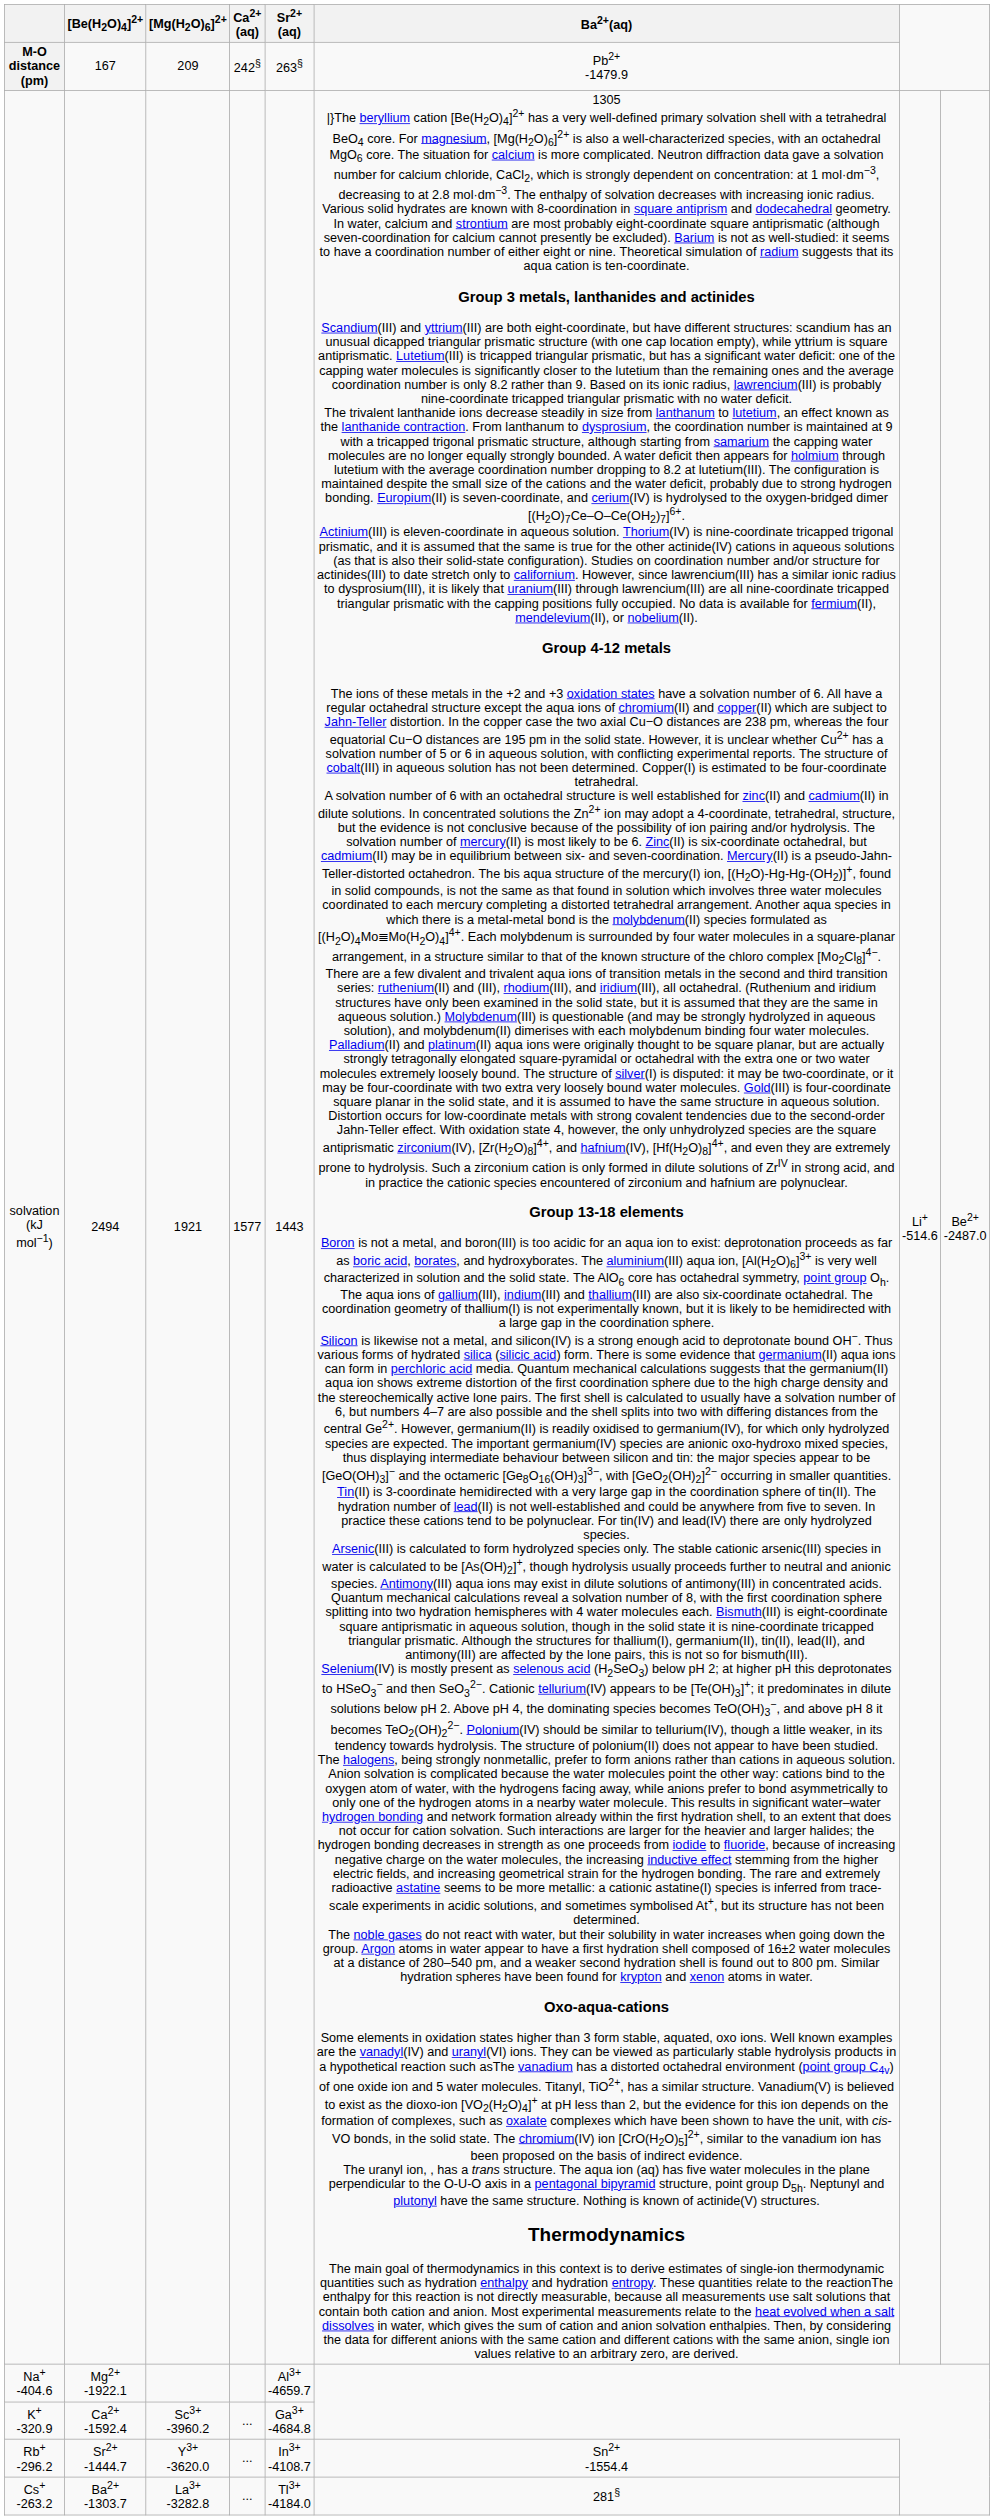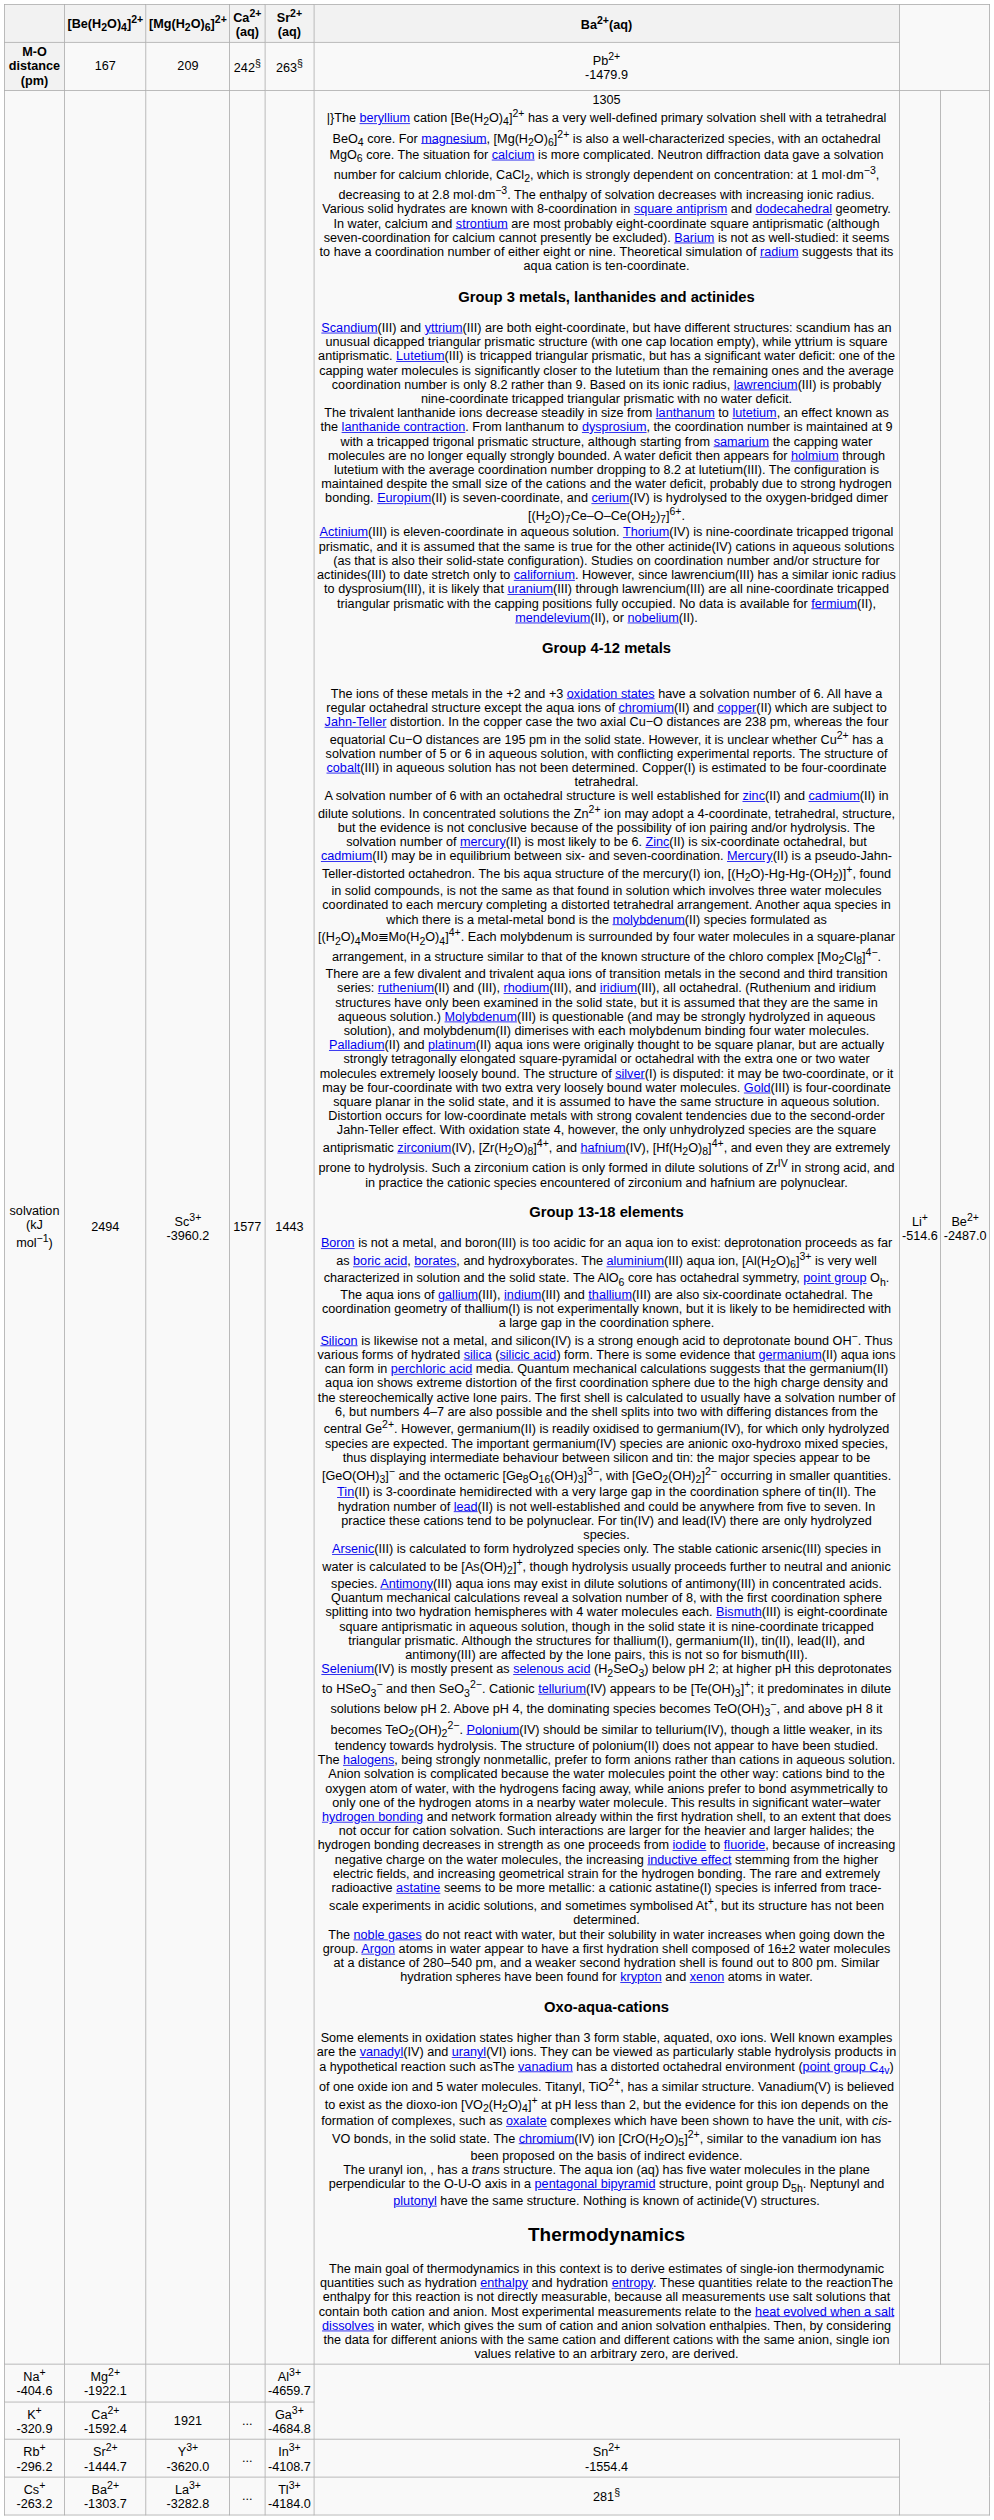 <table class=wikitable style=text-align:center>
 <tr>
 <th></th>
 <th>[Be(H<sub>2</sub>O)<sub>4</sub>]<sup>2+</sup></th>
 <th>[Mg(H<sub>2</sub>O)<sub>6</sub>]<sup>2+</sup></th>
 <th>Ca<sup>2+</sup>(aq)</th>
 <th>Sr<sup>2+</sup>(aq)</th>
 <th>Ba<sup>2+</sup>(aq)</th>
 </tr>
 <tr>
 <th>M-O distance (pm)</th>
 <td>167</td>
 <td>209</td>
 <td>242<sup>§</sup></td>
 <td>263<sup>§</sup></td>
 <td>Pb<sup>2+</sup><br>-1479.9</td>
 </tr>
 <tr>
 <td> solvation (kJ mol<sup>−1</sup>)</td>
 <td>2494</td>
-<td>1921</td>
+<td>Sc<sup>3+</sup><br>-3960.2</td>
 <td>1577</td>
 <td>1443</td>
 <td>1305<br>|}The <a href='#'>beryllium</a> cation [Be(H<sub>2</sub>O)<sub>4</sub>]<sup>2+</sup> has a very well-defined primary solvation shell with a tetrahedral BeO<sub>4</sub> core. For <a href='#'>magnesium</a>, [Mg(H<sub>2</sub>O)<sub>6</sub>]<sup>2+</sup> is also a well-characterized species, with an octahedral MgO<sub>6</sub> core. The situation for <a href='#'>calcium</a> is more complicated. Neutron diffraction data gave a solvation number for calcium chloride, CaCl<sub>2</sub>, which is strongly dependent on concentration:  at 1 mol·dm<sup>−3</sup>, decreasing to  at 2.8 mol·dm<sup>−3</sup>. The enthalpy of solvation decreases  with increasing ionic radius. Various solid hydrates are known with 8-coordination in <a href='#'>square antiprism</a> and <a href='#'>dodecahedral</a> geometry. In water, calcium and <a href='#'>strontium</a> are most probably eight-coordinate square antiprismatic (although seven-coordination for calcium cannot presently be excluded). <a href='#'>Barium</a> is not as well-studied: it seems to have a coordination number of either eight or nine. Theoretical simulation of <a href='#'>radium</a> suggests that its aqua cation is ten-coordinate.<h3>Group 3 metals, lanthanides and actinides</h3> <a href='#'>Scandium</a>(III) and <a href='#'>yttrium</a>(III) are both eight-coordinate, but have different structures: scandium has an unusual dicapped triangular prismatic structure (with one cap location empty), while yttrium is square antiprismatic. <a href='#'>Lutetium</a>(III) is tricapped triangular prismatic, but has a significant water deficit: one of the capping water molecules is significantly closer to the lutetium than the remaining ones and the average coordination number is only 8.2 rather than 9. Based on its ionic radius, <a href='#'>lawrencium</a>(III) is probably nine-coordinate tricapped triangular prismatic with no water deficit.<br>The trivalent lanthanide ions decrease steadily in size from <a href='#'>lanthanum</a> to <a href='#'>lutetium</a>, an effect known as the <a href='#'>lanthanide contraction</a>. From lanthanum to <a href='#'>dysprosium</a>, the coordination number is maintained at 9 with a tricapped trigonal prismatic structure, although starting from <a href='#'>samarium</a> the capping water molecules are no longer equally strongly bounded. A water deficit then appears for <a href='#'>holmium</a> through lutetium with the average coordination number dropping to 8.2 at lutetium(III). The configuration is maintained despite the small size of the cations and the water deficit, probably due to strong hydrogen bonding. <a href='#'>Europium</a>(II) is seven-coordinate, and <a href='#'>cerium</a>(IV) is hydrolysed to the oxygen-bridged dimer [(H<sub>2</sub>O)<sub>7</sub>Ce–O–Ce(OH<sub>2</sub>)<sub>7</sub>]<sup>6+</sup>.<br><a href='#'>Actinium</a>(III) is eleven-coordinate in aqueous solution. <a href='#'>Thorium</a>(IV) is nine-coordinate tricapped trigonal prismatic, and it is assumed that the same is true for the other actinide(IV) cations in aqueous solutions (as that is also their solid-state configuration). Studies on coordination number and/or structure for actinides(III) to date stretch only to <a href='#'>californium</a>. However, since lawrencium(III) has a similar ionic radius to dysprosium(III), it is likely that <a href='#'>uranium</a>(III) through lawrencium(III) are all nine-coordinate tricapped triangular prismatic with the capping positions fully occupied. No data is available for <a href='#'>fermium</a>(II), <a href='#'>mendelevium</a>(II), or <a href='#'>nobelium</a>(II).<h3>Group 4-12 metals</h3>  <br>The ions of these metals in the +2 and +3 <a href='#'>oxidation states</a> have a solvation number of 6. All have a regular octahedral structure except the aqua ions of <a href='#'>chromium</a>(II) and <a href='#'>copper</a>(II) which are subject to <a href='#'>Jahn-Teller</a> distortion. In the copper case the two axial Cu−O distances are 238 pm, whereas the four equatorial Cu−O distances are 195 pm in the solid state. However, it is unclear whether Cu<sup>2+</sup> has a solvation number of 5 or 6 in aqueous solution, with conflicting experimental reports. The structure of <a href='#'>cobalt</a>(III) in aqueous solution has not been determined. Copper(I) is estimated to be four-coordinate tetrahedral.<br>A solvation number of 6 with an octahedral structure is well established for <a href='#'>zinc</a>(II) and <a href='#'>cadmium</a>(II) in dilute solutions. In concentrated solutions the Zn<sup>2+</sup> ion may adopt a 4-coordinate, tetrahedral, structure, but the evidence is not conclusive because of the possibility of ion pairing and/or hydrolysis. The solvation number of <a href='#'>mercury</a>(II) is most likely to be 6. <a href='#'>Zinc</a>(II) is six-coordinate octahedral, but <a href='#'>cadmium</a>(II) may be in equilibrium between six- and seven-coordination. <a href='#'>Mercury</a>(II) is a pseudo-Jahn-Teller-distorted octahedron. The bis aqua structure of the mercury(I) ion, [(H<sub>2</sub>O)-Hg-Hg-(OH<sub>2</sub>)]<sup>+</sup>, found in solid compounds, is not the same as that found in solution which involves three water molecules coordinated to each mercury completing a distorted tetrahedral arrangement. Another aqua species in which there is a metal-metal bond is the <a href='#'>molybdenum</a>(II) species formulated as [(H<sub>2</sub>O)<sub>4</sub>Mo≣Mo(H<sub>2</sub>O)<sub>4</sub>]<sup>4+</sup>. Each molybdenum is surrounded by four water molecules in a square-planar arrangement, in a structure similar to that of the known structure of the chloro complex [Mo<sub>2</sub>Cl<sub>8</sub>]<sup>4−</sup>.<br>There are a few divalent and trivalent aqua ions of transition metals in the second and third transition series: <a href='#'>ruthenium</a>(II) and (III), <a href='#'>rhodium</a>(III), and <a href='#'>iridium</a>(III), all octahedral. (Ruthenium and iridium structures have only been examined in the solid state, but it is assumed that they are the same in aqueous solution.) <a href='#'>Molybdenum</a>(III) is questionable (and may be strongly hydrolyzed in aqueous solution), and molybdenum(II) dimerises with each molybdenum binding four water molecules. <a href='#'>Palladium</a>(II) and <a href='#'>platinum</a>(II) aqua ions were originally thought to be square planar, but are actually strongly tetragonally elongated square-pyramidal or octahedral with the extra one or two water molecules extremely loosely bound. The structure of <a href='#'>silver</a>(I) is disputed: it may be two-coordinate, or it may be four-coordinate with two extra very loosely bound water molecules. <a href='#'>Gold</a>(III) is four-coordinate square planar in the solid state, and it is assumed to have the same structure in aqueous solution. Distortion occurs for low-coordinate metals with strong covalent tendencies due to the second-order Jahn-Teller effect. With oxidation state 4, however, the only unhydrolyzed species are the square antiprismatic <a href='#'>zirconium</a>(IV), [Zr(H<sub>2</sub>O)<sub>8</sub>]<sup>4+</sup>, and <a href='#'>hafnium</a>(IV), [Hf(H<sub>2</sub>O)<sub>8</sub>]<sup>4+</sup>, and even they are extremely prone to hydrolysis. Such a zirconium cation is only formed in dilute solutions of Zr<sup>IV</sup> in strong acid, and in practice the cationic species encountered of zirconium and hafnium are polynuclear.<h3>Group 13-18 elements</h3><a href='#'>Boron</a> is not a metal, and boron(III) is too acidic for an aqua ion to exist: deprotonation proceeds as far as <a href='#'>boric acid</a>, <a href='#'>borates</a>, and hydroxyborates. The <a href='#'>aluminium</a>(III) aqua ion, [Al(H<sub>2</sub>O)<sub>6</sub>]<sup>3+</sup> is very well characterized in solution and the solid state. The AlO<sub>6</sub> core has octahedral symmetry, <a href='#'>point group</a> O<sub>h</sub>. The aqua ions of <a href='#'>gallium</a>(III), <a href='#'>indium</a>(III) and <a href='#'>thallium</a>(III) are also six-coordinate octahedral. The coordination geometry of thallium(I) is not experimentally known, but it is likely to be hemidirected with a large gap in the coordination sphere.<br><a href='#'>Silicon</a> is likewise not a metal, and silicon(IV) is a strong enough acid to deprotonate bound OH<sup>−</sup>. Thus various forms of hydrated <a href='#'>silica</a> (<a href='#'>silicic acid</a>) form. There is some evidence that <a href='#'>germanium</a>(II) aqua ions can form in <a href='#'>perchloric acid</a> media. Quantum mechanical calculations suggests that the germanium(II) aqua ion shows extreme distortion of the first coordination sphere due to the high charge density and the stereochemically active lone pairs. The first shell is calculated to usually have a solvation number of 6, but numbers 4–7 are also possible and the shell splits into two with differing distances from the central Ge<sup>2+</sup>. However, germanium(II) is readily oxidised to germanium(IV), for which only hydrolyzed species are expected. The important germanium(IV) species are anionic oxo-hydroxo mixed species, thus displaying intermediate behaviour between silicon and tin: the major species appear to be [GeO(OH)<sub>3</sub>]<sup>−</sup> and the octameric [Ge<sub>8</sub>O<sub>16</sub>(OH)<sub>3</sub>]<sup>3−</sup>, with [GeO<sub>2</sub>(OH)<sub>2</sub>]<sup>2−</sup> occurring in smaller quantities. <a href='#'>Tin</a>(II) is 3-coordinate hemidirected with a very large gap in the coordination sphere of tin(II). The hydration number of <a href='#'>lead</a>(II) is not well-established and could be anywhere from five to seven. In practice these cations tend to be polynuclear. For tin(IV) and lead(IV) there are only hydrolyzed species.<br><a href='#'>Arsenic</a>(III) is calculated to form hydrolyzed species only. The stable cationic arsenic(III) species in water is calculated to be [As(OH)<sub>2</sub>]<sup>+</sup>, though hydrolysis usually proceeds further to neutral and anionic species. <a href='#'>Antimony</a>(III) aqua ions may exist in dilute solutions of antimony(III) in concentrated acids. Quantum mechanical calculations reveal a solvation number of 8, with the first coordination sphere splitting into two hydration hemispheres with 4 water molecules each. <a href='#'>Bismuth</a>(III) is eight-coordinate square antiprismatic in aqueous solution, though in the solid state it is nine-coordinate tricapped triangular prismatic. Although the structures for thallium(I), germanium(II), tin(II), lead(II), and antimony(III) are affected by the lone pairs, this is not so for bismuth(III).<br><a href='#'>Selenium</a>(IV) is mostly present as <a href='#'>selenous acid</a> (H<sub>2</sub>SeO<sub>3</sub>) below pH 2; at higher pH this deprotonates to HSeO<sub>3</sub><sup>−</sup> and then SeO<sub>3</sub><sup>2−</sup>. Cationic <a href='#'>tellurium</a>(IV) appears to be [Te(OH)<sub>3</sub>]<sup>+</sup>; it predominates in dilute solutions below pH 2. Above pH 4, the dominating species becomes TeO(OH)<sub>3</sub><sup>−</sup>, and above pH 8 it becomes TeO<sub>2</sub>(OH)<sub>2</sub><sup>2−</sup>. <a href='#'>Polonium</a>(IV) should be similar to tellurium(IV), though a little weaker, in its tendency towards hydrolysis. The structure of polonium(II) does not appear to have been studied.<br>The <a href='#'>halogens</a>, being strongly nonmetallic, prefer to form anions rather than cations in aqueous solution. Anion solvation is complicated because the water molecules point the other way: cations bind to the oxygen atom of water, with the hydrogens facing away, while anions prefer to bond asymmetrically to only one of the hydrogen atoms in a nearby water molecule. This results in significant water–water <a href='#'>hydrogen bonding</a> and network formation already within the first hydration shell, to an extent that does not occur for cation solvation. Such interactions are larger for the heavier and larger halides; the hydrogen bonding decreases in strength as one proceeds from <a href='#'>iodide</a> to <a href='#'>fluoride</a>, because of increasing negative charge on the water molecules, the increasing <a href='#'>inductive effect</a> stemming from the higher electric fields, and increasing geometrical strain for the hydrogen bonding. The rare and extremely radioactive <a href='#'>astatine</a> seems to be more metallic: a cationic astatine(I) species is inferred from trace-scale experiments in acidic solutions, and sometimes symbolised At<sup>+</sup>, but its structure has not been determined.<br>The <a href='#'>noble gases</a> do not react with water, but their solubility in water increases when going down the group. <a href='#'>Argon</a> atoms in water appear to have a first hydration shell composed of 16±2 water molecules at a distance of 280–540 pm, and a weaker second hydration shell is found out to 800 pm. Similar hydration spheres have been found for <a href='#'>krypton</a> and <a href='#'>xenon</a> atoms in water.<h3>Oxo-aqua-cations</h3>Some elements in oxidation states higher than 3 form stable, aquated, oxo ions. Well known examples are the <a href='#'>vanadyl</a>(IV) and <a href='#'>uranyl</a>(VI) ions. They can be viewed as particularly stable hydrolysis products in a hypothetical reaction such asThe <a href='#'>vanadium</a> has a distorted octahedral environment (<a href='#'>point group C<sub>4v</sub></a>) of one oxide ion and 5 water molecules. Titanyl, TiO<sup>2+</sup>, has a similar structure. Vanadium(V) is believed to exist as the dioxo-ion [VO<sub>2</sub>(H<sub>2</sub>O)<sub>4</sub>]<sup>+</sup> at pH less than 2, but the evidence for this ion depends on the formation of complexes, such as <a href='#'>oxalate</a> complexes which have been shown to have the  unit, with <em>cis</em>-VO bonds, in the solid state. The <a href='#'>chromium</a>(IV) ion [CrO(H<sub>2</sub>O)<sub>5</sub>]<sup>2+</sup>, similar to the vanadium ion has been proposed on the basis of indirect evidence.<br>The uranyl ion, , has a <em>trans</em> structure. The aqua ion  (aq) has five water molecules in the plane perpendicular to the O-U-O axis in a <a href='#'>pentagonal bipyramid</a> structure, point group D<sub>5h</sub>. Neptunyl and <a href='#'>plutonyl</a> have the same structure. Nothing is known of actinide(V) structures.<h2>Thermodynamics</h2>The main goal of thermodynamics in this context is to derive estimates of single-ion thermodynamic quantities such as hydration <a href='#'>enthalpy</a> and hydration <a href='#'>entropy</a>. These quantities relate to the reactionThe enthalpy for this reaction is not directly measurable, because all measurements use salt solutions that contain both cation and anion. Most experimental measurements relate to the <a href='#'>heat evolved when a salt dissolves</a> in water, which gives the sum of cation and anion solvation enthalpies. Then, by considering the data for different anions with the same cation and different cations with the same anion, single ion values relative to an arbitrary zero, are derived.  </td>
 <td>Li<sup>+</sup><br>-514.6</td>
 <td>Be<sup>2+</sup><br>-2487.0</td>
 </tr>
 <tr>
 <td>Na<sup>+</sup><br>-404.6</td>
 <td>Mg<sup>2+</sup><br>-1922.1</td>
 <td></td>
 <td></td>
 <td>Al<sup>3+</sup><br>-4659.7</td>
 </tr>
 <tr>
 <td>K<sup>+</sup><br>-320.9</td>
 <td>Ca<sup>2+</sup><br>-1592.4</td>
-<td>Sc<sup>3+</sup><br>-3960.2</td>
+<td>1921</td>
 <td>...</td>
 <td>Ga<sup>3+</sup><br>-4684.8</td>
 </tr>
 <tr>
 <td>Rb<sup>+</sup><br>-296.2</td>
 <td>Sr<sup>2+</sup><br>-1444.7</td>
 <td>Y<sup>3+</sup><br>-3620.0</td>
 <td>...</td>
 <td>In<sup>3+</sup><br>-4108.7</td>
 <td>Sn<sup>2+</sup><br>-1554.4</td>
 </tr>
 <tr>
 <td>Cs<sup>+</sup><br>-263.2</td>
 <td>Ba<sup>2+</sup><br>-1303.7</td>
 <td>La<sup>3+</sup><br>-3282.8</td>
 <td>...</td>
 <td>Tl<sup>3+</sup><br>-4184.0</td>
 <td>281<sup>§</sup></td>
 </tr>
 </table>
